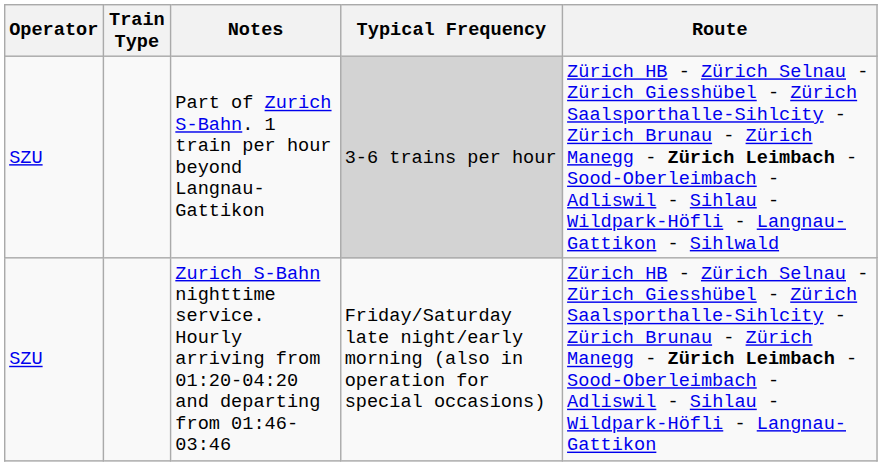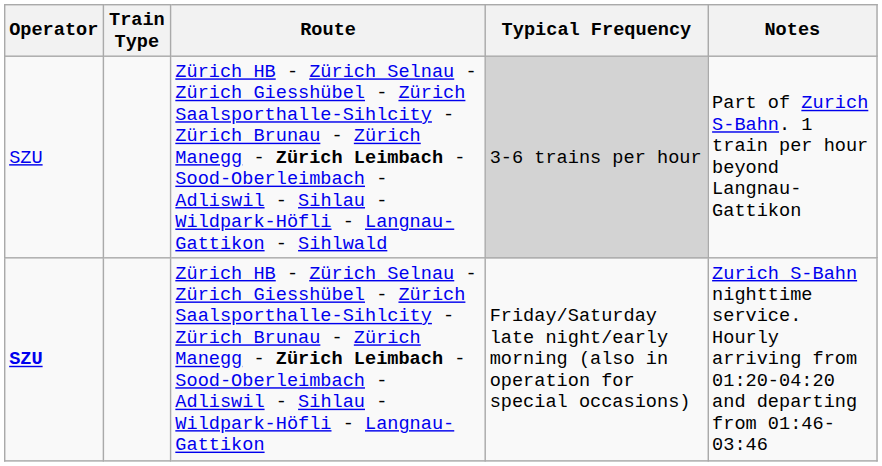 <table class="wikitable vatop">
 <tr>
 <th>Operator</th>
 <th>Train Type</th>
+<th>Route</th>
+<th>Typical Frequency</th>
 <th>Notes</th>
-<th>Typical Frequency</th>
-<th>Route</th>
 </tr>
 <tr>
 <td><a href='#'>SZU</a></td>
 <td></td>
+<td><a href='#'>Zürich HB</a> - <a href='#'>Zürich Selnau</a> - <a href='#'>Zürich Giesshübel</a> - <a href='#'>Zürich Saalsporthalle-Sihlcity</a> - <a href='#'>Zürich Brunau</a> - <a href='#'>Zürich Manegg</a> - <strong>Zürich Leimbach</strong> - <a href='#'>Sood-Oberleimbach</a> - <a href='#'>Adliswil</a> - <a href='#'>Sihlau</a> - <a href='#'>Wildpark-Höfli</a> - <a href='#'>Langnau-Gattikon</a> - <a href='#'>Sihlwald</a></td>
+<td style="background: lightgrey;">3-6 trains per hour</td>
 <td>Part of <a href='#'>Zurich S-Bahn</a>. 1 train per hour beyond Langnau-Gattikon</td>
-<td style="background: lightgrey;">3-6 trains per hour</td>
-<td><a href='#'>Zürich HB</a> - <a href='#'>Zürich Selnau</a> - <a href='#'>Zürich Giesshübel</a> - <a href='#'>Zürich Saalsporthalle-Sihlcity</a> - <a href='#'>Zürich Brunau</a> - <a href='#'>Zürich Manegg</a> - <strong>Zürich Leimbach</strong> - <a href='#'>Sood-Oberleimbach</a> - <a href='#'>Adliswil</a> - <a href='#'>Sihlau</a> - <a href='#'>Wildpark-Höfli</a> - <a href='#'>Langnau-Gattikon</a> - <a href='#'>Sihlwald</a></td>
 </tr>
 <tr>
-<td><a href='#'>SZU</a></td>
+<td><strong><a href='#'>SZU</a></strong></td>
 <td></td>
+<td><a href='#'>Zürich HB</a> - <a href='#'>Zürich Selnau</a> - <a href='#'>Zürich Giesshübel</a> - <a href='#'>Zürich Saalsporthalle-Sihlcity</a> - <a href='#'>Zürich Brunau</a> - <a href='#'>Zürich Manegg</a> - <strong>Zürich Leimbach</strong> - <a href='#'>Sood-Oberleimbach</a> - <a href='#'>Adliswil</a> - <a href='#'>Sihlau</a> - <a href='#'>Wildpark-Höfli</a> - <a href='#'>Langnau-Gattikon</a></td>
+<td>Friday/Saturday late night/early morning (also in operation for special occasions)</td>
 <td><a href='#'>Zurich S-Bahn</a> nighttime service. Hourly arriving from 01:20-04:20 and departing from 01:46-03:46</td>
-<td>Friday/Saturday late night/early morning (also in operation for special occasions)</td>
-<td><a href='#'>Zürich HB</a> - <a href='#'>Zürich Selnau</a> - <a href='#'>Zürich Giesshübel</a> - <a href='#'>Zürich Saalsporthalle-Sihlcity</a> - <a href='#'>Zürich Brunau</a> - <a href='#'>Zürich Manegg</a> - <strong>Zürich Leimbach</strong> - <a href='#'>Sood-Oberleimbach</a> - <a href='#'>Adliswil</a> - <a href='#'>Sihlau</a> - <a href='#'>Wildpark-Höfli</a> - <a href='#'>Langnau-Gattikon</a></td>
 </tr>
 </table>
